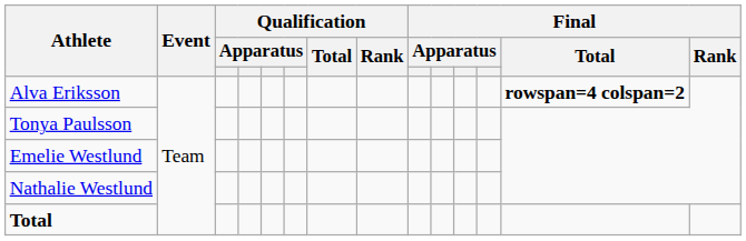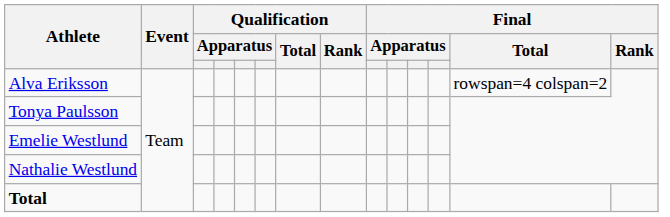 <table class="wikitable" style="font-size:90%">
 <tr>
 <th rowspan=3>Athlete</th>
 <th rowspan=3>Event</th>
 <th colspan=6>Qualification</th>
 <th colspan=6>Final</th>
 </tr>
 <tr style="font-size:95%">
 <th colspan=4>Apparatus</th>
 <th rowspan=2>Total</th>
 <th rowspan=2>Rank</th>
 <th colspan=4>Apparatus</th>
 <th rowspan=2>Total</th>
 <th rowspan=2>Rank</th>
 </tr>
 <tr style="font-size:95%">
 <th></th>
 <th></th>
 <th></th>
 <th></th>
 <th></th>
 <th></th>
 <th></th>
 <th></th>
 </tr>
 <tr align=center>
 <td align=left><a href='#'>Alva Eriksson</a></td>
 <td align=left rowspan=5>Team</td>
 <td></td>
 <td></td>
 <td></td>
 <td></td>
 <td></td>
 <td></td>
 <td></td>
 <td></td>
 <td></td>
 <td></td>
-<td><strong>rowspan=4 colspan=2</strong></td>
+<td>rowspan=4 colspan=2</td>
 </tr>
 <tr align=center>
 <td align=left><a href='#'>Tonya Paulsson</a></td>
 <td></td>
 <td></td>
 <td></td>
 <td></td>
 <td></td>
 <td></td>
 <td></td>
 <td></td>
 <td></td>
 <td></td>
 </tr>
 <tr align=center>
 <td align=left><a href='#'>Emelie Westlund</a></td>
 <td></td>
 <td></td>
 <td></td>
 <td></td>
 <td></td>
 <td></td>
 <td></td>
 <td></td>
 <td></td>
 <td></td>
 </tr>
 <tr align=center>
 <td align=left><a href='#'>Nathalie Westlund</a></td>
 <td></td>
 <td></td>
 <td></td>
 <td></td>
 <td></td>
 <td></td>
 <td></td>
 <td></td>
 <td></td>
 <td></td>
 </tr>
 <tr align=center>
 <td align=left><strong>Total</strong></td>
 <td></td>
 <td></td>
 <td></td>
 <td></td>
 <td></td>
 <td></td>
 <td></td>
 <td></td>
 <td></td>
 <td></td>
 <td></td>
 <td></td>
 </tr>
 </table>
